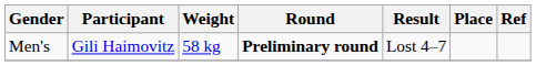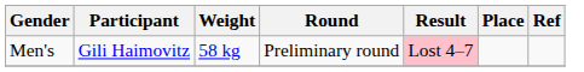 <table class="wikitable" style="font-size: 95%;">
 <tr>
 <th>Gender</th>
 <th>Participant</th>
 <th>Weight</th>
 <th>Round</th>
 <th>Result</th>
 <th>Place</th>
 <th>Ref</th>
 </tr>
 <tr>
 <td>Men's</td>
 <td><a href='#'>Gili Haimovitz</a></td>
 <td><a href='#'>58 kg</a></td>
-<td><strong>Preliminary  round</strong></td>
-<td>Lost 4–7</td>
+<td>Preliminary  round</td>
+<td style="background: pink;">Lost 4–7</td>
 <td></td>
 <td></td>
 </tr>
 <tr>
 </tr>
 </table>
